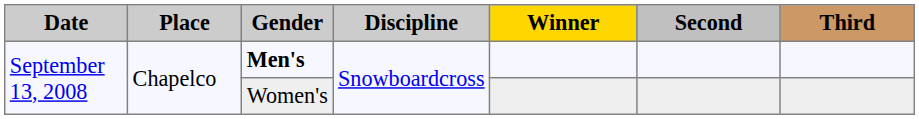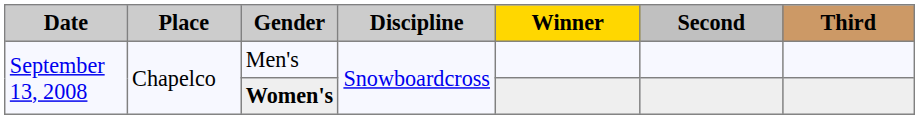 <table bgcolor="#f7f8ff" cellpadding="3" cellspacing="0" border="1" style="font-size: 95%; border: gray solid 1px; border-collapse: collapse;">
 <tr bgcolor="#CCCCCC">
 <td align="center" width="120"><strong>Date</strong></td>
 <td align="center" width="120"><strong>Place</strong></td>
 <td align="center" width="50"><strong>Gender</strong></td>
 <td align="center" width="50"><strong>Discipline</strong></td>
 <td align="center" bgcolor="gold" width="250"><strong>Winner</strong></td>
 <td align="center" bgcolor="silver" width="250"><strong>Second</strong></td>
 <td align="center" bgcolor="CC9966" width="250"><strong>Third</strong></td>
 </tr>
 <tr align="left">
 <td rowspan="2"><a href='#'>September 13, 2008</a></td>
 <td rowspan="2"> Chapelco</td>
-<td><strong>Men's</strong></td>
+<td>Men's</td>
 <td rowspan="2"><a href='#'>Snowboardcross</a></td>
 <td><strong></strong></td>
 <td></td>
 <td></td>
 </tr>
 <tr align="left"  bgcolor="#EFEFEF">
-<td>Women's</td>
+<td><strong>Women's</strong></td>
 <td><strong></strong></td>
 <td></td>
 <td></td>
 </tr>
 </table>
